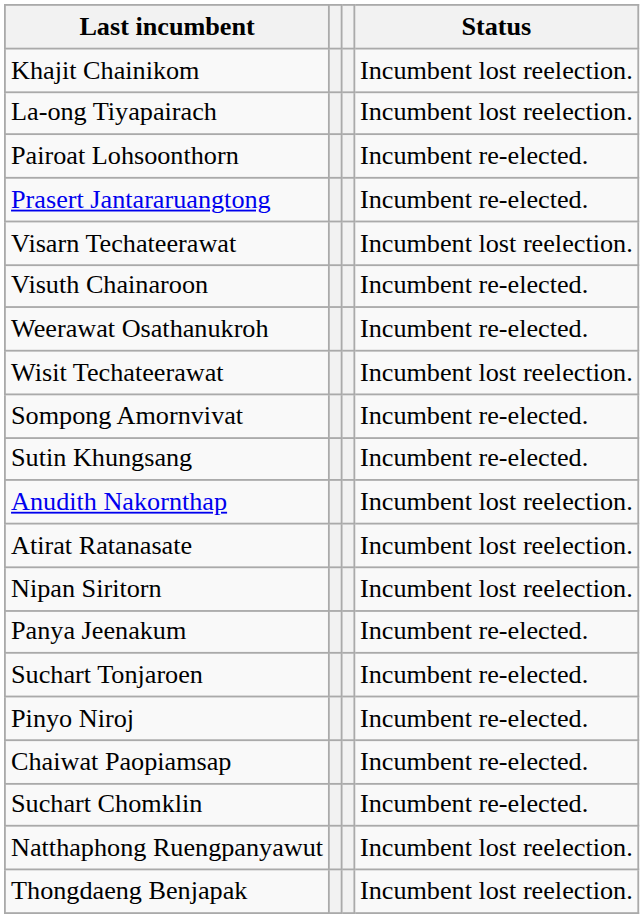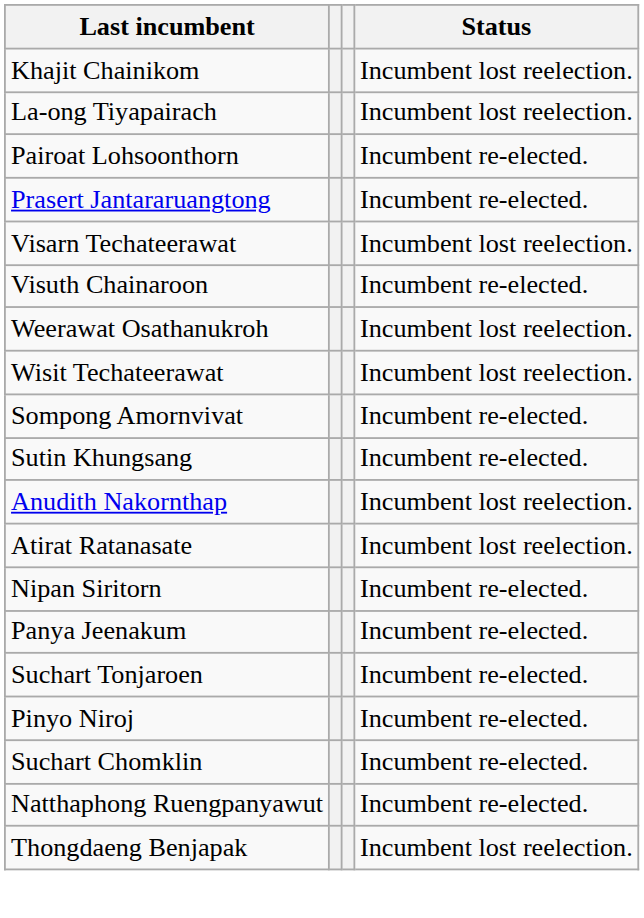 <table class="wikitable sortable" style="font-size:90%">
 <tr>
 <th>Last incumbent</th>
 <th></th>
 <th></th>
 <th>Status</th>
 </tr>
 <tr>
 <td>Khajit Chainikom</td>
 <th style="background-color:"></th>
 <th style="background-color:"></th>
 <td>Incumbent lost reelection.</td>
 </tr>
 <tr>
 <td>La-ong Tiyapairach</td>
 <th style="background-color:"></th>
 <th style="background-color:"></th>
 <td>Incumbent lost reelection.</td>
 </tr>
 <tr>
 <td>Pairoat Lohsoonthorn</td>
 <th style="background-color:"></th>
 <th style="background-color:"></th>
 <td> Incumbent re-elected.</td>
 </tr>
 <tr>
 <td><a href='#'>Prasert Jantararuangtong</a></td>
 <th style="background-color:"></th>
 <th style="background-color:"></th>
 <td> Incumbent re-elected.</td>
 </tr>
 <tr>
 <td>Visarn Techateerawat</td>
 <th style="background-color:"></th>
 <th style="background-color:"></th>
 <td>Incumbent lost reelection.</td>
 </tr>
 <tr>
 <td>Visuth Chainaroon</td>
 <th style="background-color:"></th>
 <th style="background-color:"></th>
 <td> Incumbent re-elected.</td>
 </tr>
 <tr>
 <td>Weerawat Osathanukroh</td>
 <th style="background-color:"></th>
 <th style="background-color:"></th>
-<td> Incumbent re-elected.</td>
+<td>Incumbent lost reelection.</td>
 </tr>
 <tr>
 <td>Wisit Techateerawat</td>
 <th style="background-color:"></th>
 <th style="background-color:"></th>
 <td>Incumbent lost reelection.</td>
 </tr>
 <tr>
 <td>Sompong Amornvivat</td>
 <th style="background-color:"></th>
 <th style="background-color:"></th>
 <td> Incumbent re-elected.</td>
 </tr>
 <tr>
 <td>Sutin Khungsang</td>
 <th style="background-color:"></th>
 <th style="background-color:"></th>
 <td> Incumbent re-elected.</td>
 </tr>
 <tr>
 <td><a href='#'>Anudith Nakornthap</a></td>
 <th style="background-color:"></th>
 <th style="background-color:"></th>
 <td>Incumbent lost reelection.</td>
 </tr>
 <tr>
 <td>Atirat Ratanasate</td>
 <th style="background-color:"></th>
 <th style="background-color:"></th>
 <td>Incumbent lost reelection.</td>
 </tr>
 <tr>
 <td>Nipan Siritorn</td>
 <th style="background-color:"></th>
 <th style="background-color:"></th>
-<td>Incumbent lost reelection.</td>
+<td> Incumbent re-elected.</td>
 </tr>
 <tr>
 <td>Panya Jeenakum</td>
 <th style="background-color:"></th>
 <th style="background-color:"></th>
 <td> Incumbent re-elected.</td>
 </tr>
 <tr>
 <td>Suchart Tonjaroen</td>
 <th style="background-color:"></th>
 <th style="background-color:"></th>
 <td> Incumbent re-elected.</td>
 </tr>
 <tr>
 <td>Pinyo Niroj</td>
 <th style="background-color:"></th>
 <th style="background-color:"></th>
 <td> Incumbent re-elected.</td>
 </tr>
 <tr>
-<td>Chaiwat Paopiamsap</td>
-<th style="background-color:"></th>
-<th style="background-color:"></th>
-<td> Incumbent re-elected.</td>
-</tr>
-<tr>
 <td>Suchart Chomklin</td>
 <th style="background-color:"></th>
 <th style="background-color:"></th>
 <td> Incumbent re-elected.</td>
 </tr>
 <tr>
 <td>Natthaphong Ruengpanyawut</td>
 <th style="background-color:"></th>
 <th style="background-color:"></th>
-<td>Incumbent lost reelection.</td>
+<td> Incumbent re-elected.</td>
 </tr>
 <tr>
 <td>Thongdaeng Benjapak</td>
 <th style="background-color:"></th>
 <th style="background-color:"></th>
 <td>Incumbent lost reelection.</td>
 </tr>
 </table>
